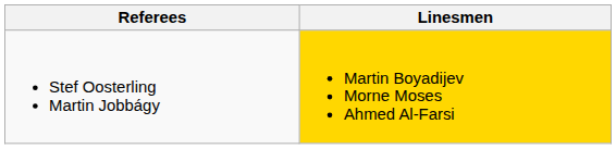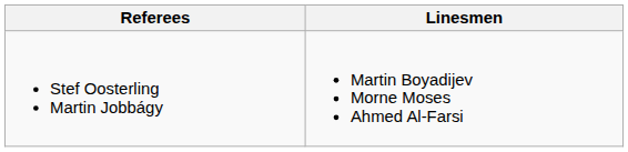 <table class="wikitable" width=600px>
 <tr>
 <th>Referees</th>
 <th>Linesmen</th>
 </tr>
 <tr>
 <td><br><ul><li> Stef Oosterling</li><li> Martin Jobbágy</li></ul></td>
-<td style="background: gold;"><br><ul><li> Martin Boyadijev</li><li> Morne Moses</li><li> Ahmed Al-Farsi</li></ul></td>
+<td><br><ul><li> Martin Boyadijev</li><li> Morne Moses</li><li> Ahmed Al-Farsi</li></ul></td>
 </tr>
 </table>
